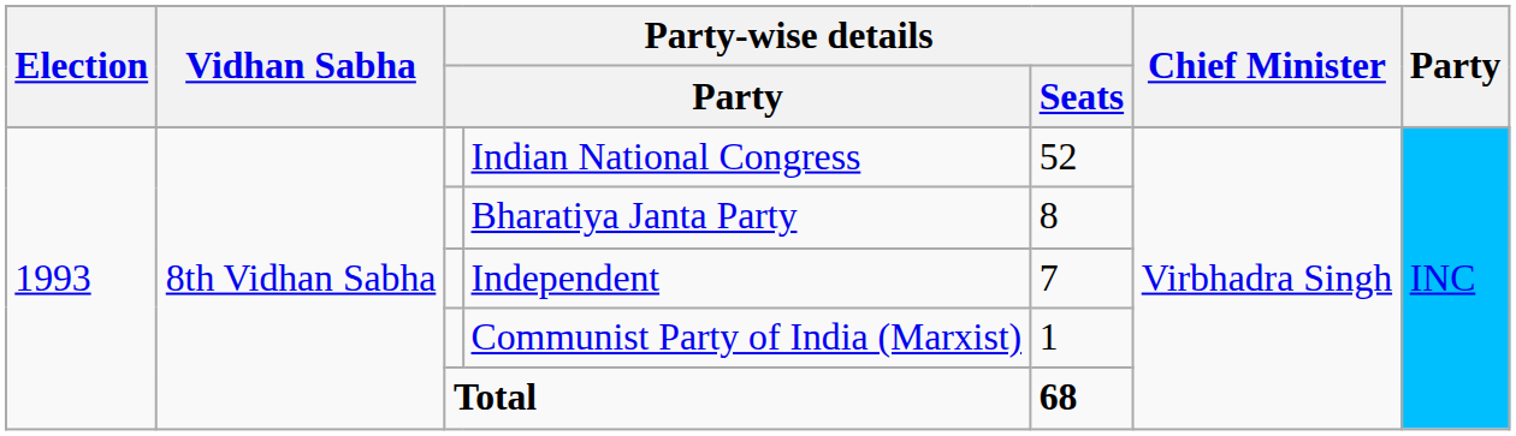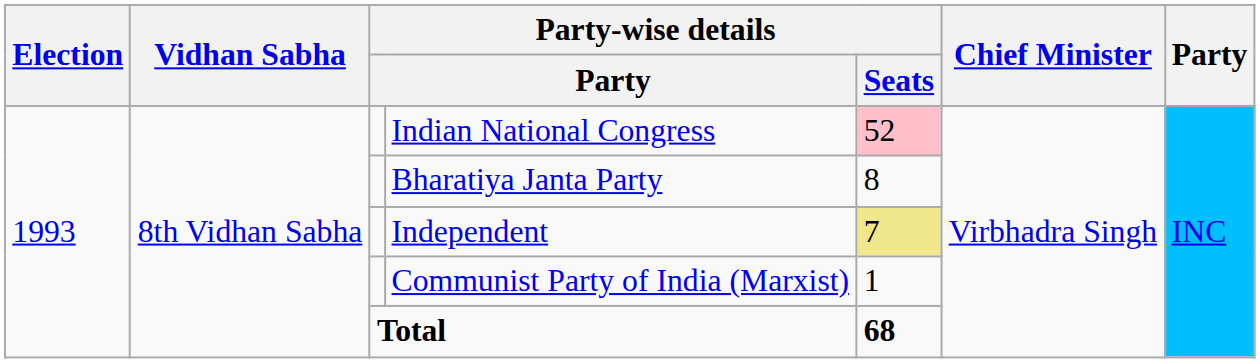 <table class="wikitable sortable">
 <tr>
 <th rowspan="2"><a href='#'>Election</a></th>
 <th rowspan="2"><a href='#'>Vidhan Sabha</a></th>
 <th colspan="3">Party-wise details</th>
 <th rowspan="2"><a href='#'>Chief Minister</a></th>
 <th rowspan="2">Party</th>
 </tr>
 <tr>
 <th colspan="2">Party</th>
 <th><a href='#'>Seats</a></th>
 </tr>
 <tr>
 <td rowspan="5"><a href='#'>1993</a></td>
 <td rowspan="5"><a href='#'>8th Vidhan Sabha</a></td>
 <td style="background-color: "></td>
 <td><a href='#'>Indian National Congress</a></td>
-<td>52</td>
+<td style="background: pink;">52</td>
 <td rowspan="5"><a href='#'>Virbhadra Singh</a></td>
 <td rowspan="5" bgcolor=#00BFFF><a href='#'>INC</a></td>
 </tr>
 <tr>
 <td style="background-color: "></td>
 <td><a href='#'>Bharatiya Janta Party</a></td>
 <td>8</td>
 </tr>
 <tr>
 <td style="background-color: "></td>
 <td><a href='#'>Independent</a></td>
-<td>7</td>
+<td style="background: khaki;">7</td>
 </tr>
 <tr>
 <td style="background-color: "></td>
 <td><a href='#'>Communist Party of India (Marxist)</a></td>
 <td>1</td>
 </tr>
 <tr>
 <td colspan="2"><strong>Total</strong></td>
 <td><strong>68</strong></td>
 </tr>
 </table>
